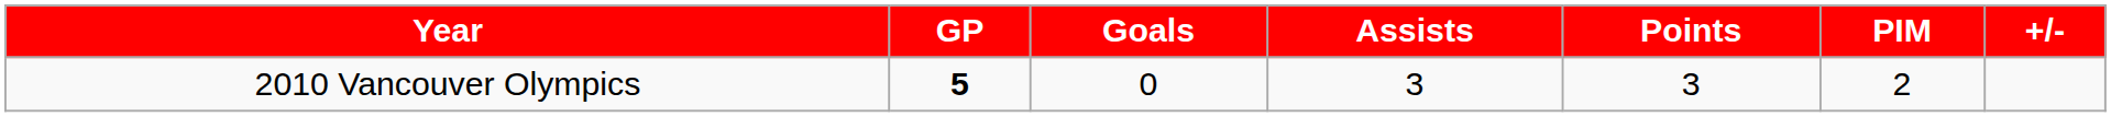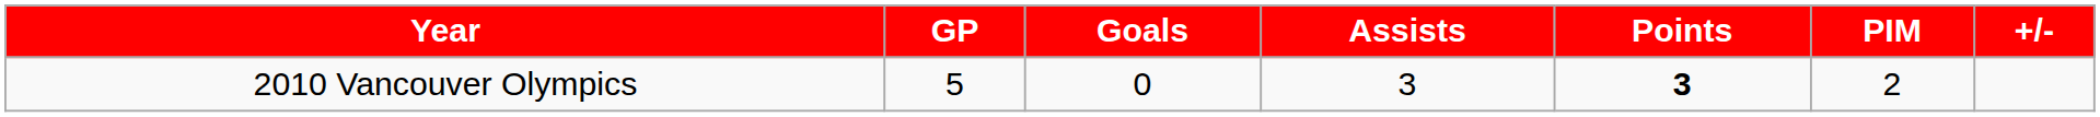 <table class="wikitable" width="80%">
 <tr align="center"  style="background:red;color:#FFFFFF;">
 <td><strong>Year</strong></td>
 <td><strong>GP</strong></td>
 <td><strong>Goals</strong></td>
 <td><strong>Assists</strong></td>
 <td><strong>Points</strong></td>
 <td><strong>PIM</strong></td>
 <td><strong>+/-</strong></td>
 </tr>
 <tr align="center" bgcolor="">
 <td>2010 Vancouver Olympics</td>
-<td><strong>5</strong></td>
+<td>5</td>
 <td>0</td>
 <td>3</td>
-<td>3</td>
+<td><strong>3</strong></td>
 <td>2</td>
 </tr>
 </table>
